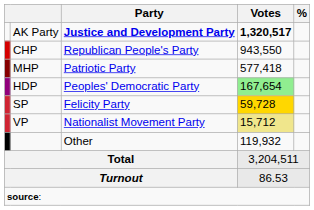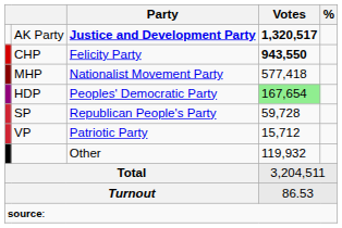 <table class="wikitable">
 <tr>
 <th colspan="2" align="center"></th>
 <th align="center">Party</th>
 <th align="center">Votes</th>
 <th align="center">%</th>
 </tr>
 <tr align="left">
 <td></td>
 <td>AK Party</td>
 <td><strong><a href='#'>Justice and Development Party</a></strong></td>
 <td><strong>1,320,517</strong></td>
 <td><strong></strong></td>
 </tr>
 <tr align="left">
 <td bgcolor="#d50000" width="1"></td>
 <td>CHP</td>
-<td><a href='#'>Republican People's Party</a></td>
-<td>943,550</td>
+<td><a href='#'>Felicity Party</a></td>
+<td><strong>943,550</strong></td>
 <td></td>
 </tr>
 <tr align="left">
 <td bgcolor="#870000" width="1"></td>
 <td>MHP</td>
-<td><a href='#'>Patriotic Party</a></td>
+<td><a href='#'>Nationalist Movement Party</a></td>
 <td>577,418</td>
 <td></td>
 </tr>
 <tr align="left">
 <td bgcolor="#91007B" width="1"></td>
 <td>HDP</td>
 <td><a href='#'>Peoples' Democratic Party</a></td>
 <td style="background: lightgreen;">167,654</td>
 <td></td>
 </tr>
 <tr align="left">
 <td bgcolor="#D02433" width="1"></td>
 <td>SP</td>
-<td><a href='#'>Felicity Party</a></td>
-<td style="background: gold;">59,728</td>
+<td><a href='#'>Republican People's Party</a></td>
+<td>59,728</td>
 <td></td>
 </tr>
 <tr align="left">
 <td bgcolor="#D02433" width="1"></td>
 <td>VP</td>
-<td><a href='#'>Nationalist Movement Party</a></td>
-<td style="background: khaki;">15,712</td>
+<td><a href='#'>Patriotic Party</a></td>
+<td>15,712</td>
 <td></td>
 </tr>
 <tr align="left">
 <td bgcolor=" " width="1"></td>
 <td></td>
 <td>Other</td>
 <td>119,932</td>
 <td></td>
 </tr>
 <tr align="left" style="background-color:#E9E9E9">
 <th colspan="3" align="center"><strong>Total</strong></th>
 <td colspan="5" align="center">3,204,511</td>
 </tr>
 <tr align="left" style="background-color:#E9E9E9">
 <th colspan="3" align="center"><em>Turnout</em></th>
 <td colspan="5" align="center">86.53</td>
 </tr>
 <tr>
 <td colspan="9" align="left"><small><strong>source</strong>: </small></td>
 </tr>
 </table>
